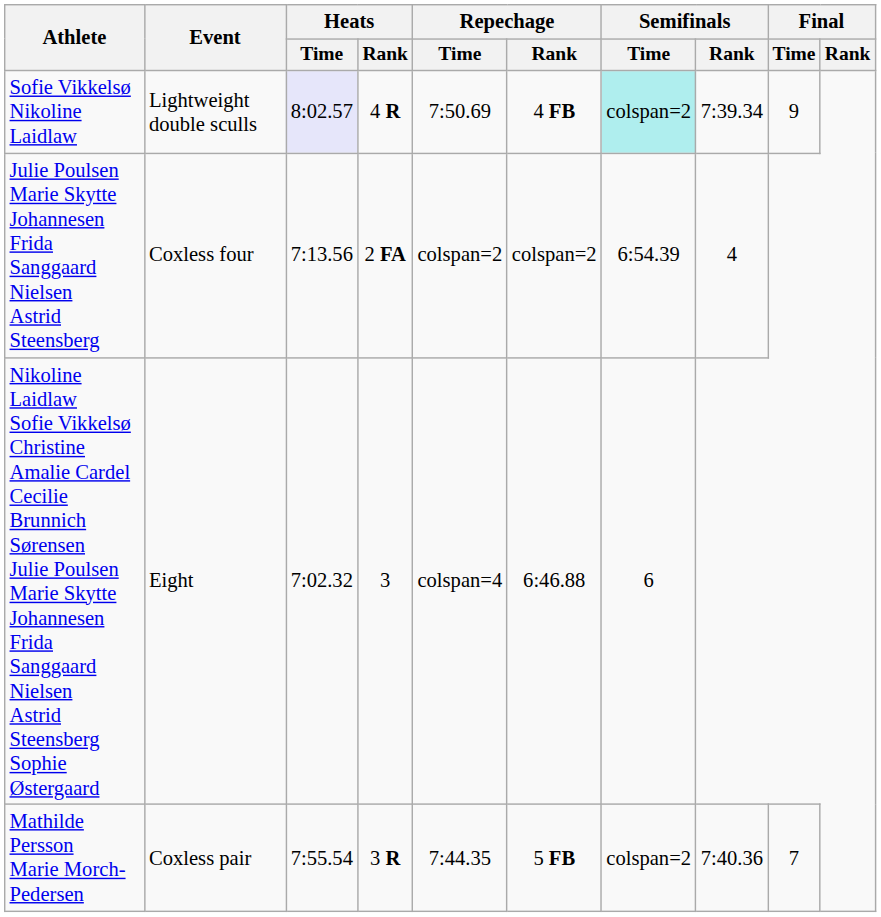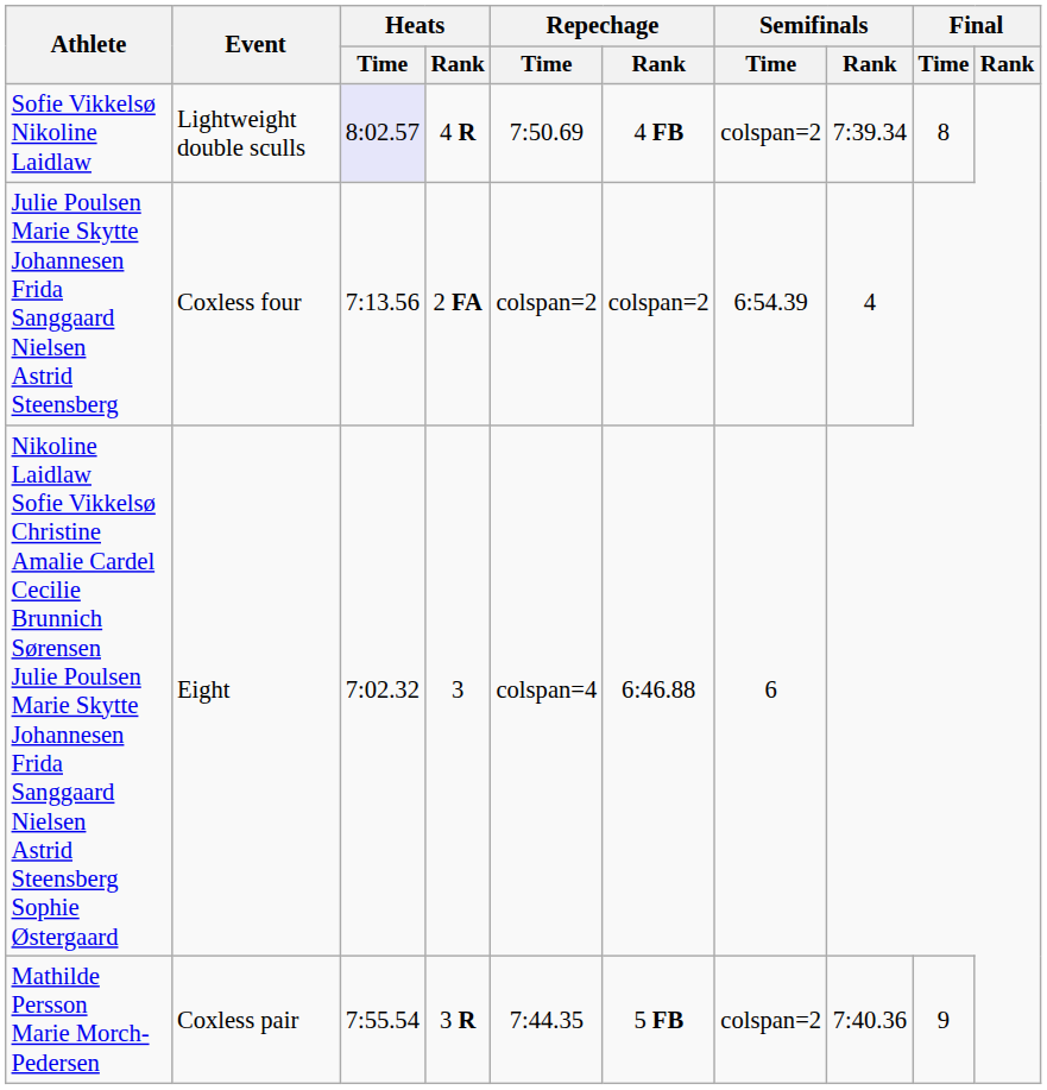 <table class="wikitable" style="font-size:90%">
 <tr>
 <th rowspan="2">Athlete</th>
 <th rowspan="2">Event</th>
 <th colspan="2">Heats</th>
 <th colspan="2">Repechage</th>
 <th colspan="2">Semifinals</th>
 <th colspan="2">Final</th>
 </tr>
 <tr style="font-size:95%">
 <th>Time</th>
 <th>Rank</th>
 <th>Time</th>
 <th>Rank</th>
 <th>Time</th>
 <th>Rank</th>
 <th>Time</th>
 <th>Rank</th>
 </tr>
 <tr align=center>
 <td align=left><a href='#'>Sofie Vikkelsø</a><br><a href='#'>Nikoline Laidlaw</a></td>
 <td align=left>Lightweight double sculls</td>
 <td style="background: lavender;">8:02.57</td>
 <td>4 <strong>R</strong></td>
 <td>7:50.69</td>
 <td>4 <strong>FB</strong></td>
-<td style="background: paleturquoise;">colspan=2</td>
+<td>colspan=2</td>
 <td>7:39.34</td>
-<td>9</td>
+<td>8</td>
 </tr>
 <tr align=center>
 <td align=left><a href='#'>Julie Poulsen</a><br><a href='#'>Marie Skytte Johannesen</a><br><a href='#'>Frida Sanggaard Nielsen</a><br><a href='#'>Astrid Steensberg</a></td>
 <td align=left>Coxless four</td>
 <td>7:13.56</td>
 <td>2 <strong>FA</strong></td>
 <td>colspan=2</td>
 <td>colspan=2</td>
 <td>6:54.39</td>
 <td>4</td>
 </tr>
 <tr align=center>
 <td align=left><a href='#'>Nikoline Laidlaw</a><br><a href='#'>Sofie Vikkelsø</a><br><a href='#'>Christine Amalie Cardel</a><br><a href='#'>Cecilie Brunnich Sørensen</a><br><a href='#'>Julie Poulsen</a><br><a href='#'>Marie Skytte Johannesen</a><br><a href='#'>Frida Sanggaard Nielsen</a><br><a href='#'>Astrid Steensberg</a><br><a href='#'>Sophie Østergaard</a></td>
 <td align=left>Eight</td>
 <td>7:02.32</td>
 <td>3</td>
 <td>colspan=4</td>
 <td>6:46.88</td>
 <td>6</td>
 </tr>
 <tr align=center>
 <td align=left><a href='#'>Mathilde Persson</a><br><a href='#'>Marie Morch-Pedersen</a></td>
 <td align=left>Coxless pair</td>
 <td>7:55.54</td>
 <td>3 <strong>R</strong></td>
 <td>7:44.35</td>
 <td>5 <strong>FB</strong></td>
 <td>colspan=2</td>
 <td>7:40.36</td>
-<td>7</td>
+<td>9</td>
 </tr>
 </table>
